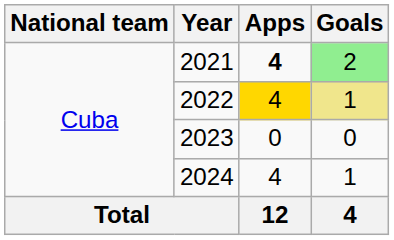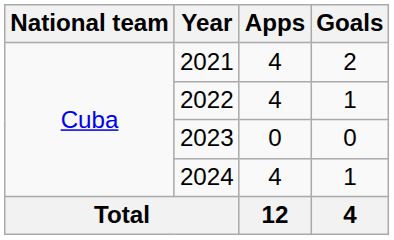 <table class="wikitable" style="text-align:center">
 <tr>
 <th>National team</th>
 <th>Year</th>
 <th>Apps</th>
 <th>Goals</th>
 </tr>
 <tr>
 <td rowspan="4"><a href='#'>Cuba</a></td>
 <td>2021</td>
-<td><strong>4</strong></td>
-<td style="background: lightgreen;">2</td>
+<td>4</td>
+<td>2</td>
 </tr>
 <tr>
 <td>2022</td>
-<td style="background: gold;">4</td>
-<td style="background: khaki;">1</td>
+<td>4</td>
+<td>1</td>
 </tr>
 <tr>
 <td>2023</td>
 <td>0</td>
 <td>0</td>
 </tr>
 <tr>
 <td>2024</td>
 <td>4</td>
 <td>1</td>
 </tr>
 <tr>
 <th colspan="2">Total</th>
 <th>12</th>
 <th>4</th>
 </tr>
 </table>
